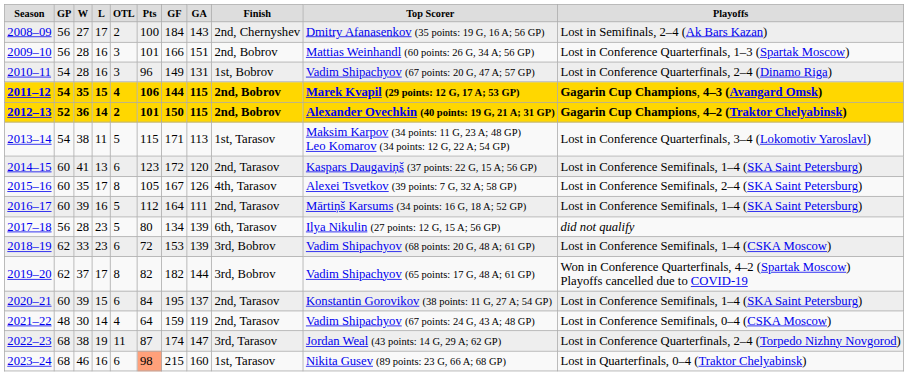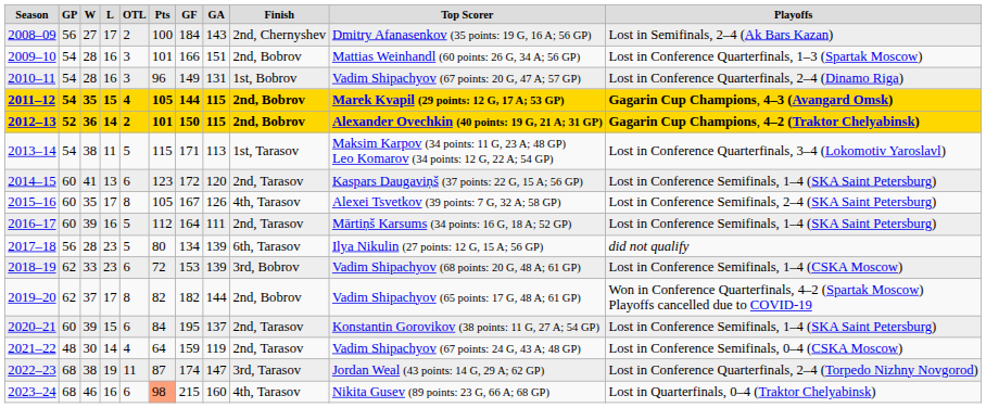 <table class=wikitable>
 <tr style="text-align:center; font-size:small; background:#ddd; padding:5px;"|>
 <td><strong>Season</strong></td>
 <td><strong>GP</strong></td>
 <td><strong>W</strong></td>
 <td><strong>L</strong></td>
 <td><strong>OTL</strong></td>
 <td><strong>Pts</strong></td>
 <td><strong>GF</strong></td>
 <td><strong>GA</strong></td>
 <td><strong>Finish</strong></td>
 <td><strong>Top Scorer</strong></td>
 <td><strong>Playoffs</strong></td>
 </tr>
 <tr style="background:#eee;">
 <td><a href='#'>2008–09</a></td>
 <td>56</td>
 <td>27</td>
 <td>17</td>
 <td>2</td>
 <td>100</td>
 <td>184</td>
 <td>143</td>
 <td>2nd, Chernyshev</td>
 <td><a href='#'>Dmitry Afanasenkov</a> <small>(35 points: 19 G, 16 A; 56 GP)</small></td>
 <td>Lost in Semifinals, 2–4 (<a href='#'>Ak Bars Kazan</a>)</td>
 </tr>
 <tr>
 <td><a href='#'>2009–10</a></td>
-<td>56</td>
+<td>54</td>
 <td>28</td>
 <td>16</td>
 <td>3</td>
 <td>101</td>
 <td>166</td>
 <td>151</td>
 <td>2nd, Bobrov</td>
 <td><a href='#'>Mattias Weinhandl</a> <small>(60 points: 26 G, 34 A; 56 GP)</small></td>
 <td>Lost in Conference Quarterfinals, 1–3 (<a href='#'>Spartak Moscow</a>)</td>
 </tr>
 <tr style="background:#eee;">
 <td><a href='#'>2010–11</a></td>
 <td>54</td>
 <td>28</td>
 <td>16</td>
 <td>3</td>
 <td>96</td>
 <td>149</td>
 <td>131</td>
 <td>1st, Bobrov</td>
 <td><a href='#'>Vadim Shipachyov</a> <small>(67 points: 20 G, 47 A; 57 GP)</small></td>
 <td>Lost in Conference Quarterfinals, 2–4 (<a href='#'>Dinamo Riga</a>)</td>
 </tr>
 <tr style="background:gold;">
 <td><strong><a href='#'>2011–12</a></strong></td>
 <td><strong>54</strong></td>
 <td><strong>35</strong></td>
 <td><strong>15</strong></td>
 <td><strong>4</strong></td>
-<td><strong>106</strong></td>
+<td><strong>105</strong></td>
 <td><strong>144</strong></td>
 <td><strong>115</strong></td>
 <td><strong>2nd, Bobrov</strong></td>
 <td><strong><a href='#'>Marek Kvapil</a></strong> <small><strong>(29 points: 12 G, 17 A; 53 GP)</strong></small></td>
 <td><strong>Gagarin Cup Champions</strong>, <strong>4–3</strong> <strong>(<a href='#'>Avangard Omsk</a>)</strong></td>
 </tr>
 <tr style="background:gold;">
 <td><strong><a href='#'>2012–13</a></strong></td>
 <td><strong>52</strong></td>
 <td><strong>36</strong></td>
 <td><strong>14</strong></td>
 <td><strong>2</strong></td>
 <td><strong>101</strong></td>
 <td><strong>150</strong></td>
 <td><strong>115</strong></td>
 <td><strong>2nd, Bobrov</strong></td>
 <td><strong><a href='#'>Alexander Ovechkin</a></strong> <small><strong>(40 points: 19 G, 21 A; 31 GP)</strong></small></td>
 <td><strong>Gagarin Cup Champions</strong>, <strong>4–2</strong> <strong>(<a href='#'>Traktor Chelyabinsk</a>)</strong></td>
 </tr>
 <tr>
 <td><a href='#'>2013–14</a></td>
 <td>54</td>
 <td>38</td>
 <td>11</td>
 <td>5</td>
 <td>115</td>
 <td>171</td>
 <td>113</td>
 <td>1st, Tarasov</td>
 <td><a href='#'>Maksim Karpov</a> <small>(34 points: 11 G, 23 A; 48 GP)</small><br><a href='#'>Leo Komarov</a> <small>(34 points: 12 G, 22 A; 54 GP)</small></td>
 <td>Lost in Conference Quarterfinals, 3–4 (<a href='#'>Lokomotiv Yaroslavl</a>)</td>
 </tr>
 <tr style="background:#eee;">
 <td><a href='#'>2014–15</a></td>
 <td>60</td>
 <td>41</td>
 <td>13</td>
 <td>6</td>
 <td>123</td>
 <td>172</td>
 <td>120</td>
 <td>2nd, Tarasov</td>
 <td><a href='#'>Kaspars Daugaviņš</a> <small>(37 points: 22 G, 15 A; 56 GP)</small></td>
 <td>Lost in Conference Semifinals, 1–4 (<a href='#'>SKA Saint Petersburg</a>)</td>
 </tr>
 <tr>
 <td><a href='#'>2015–16</a></td>
 <td>60</td>
 <td>35</td>
 <td>17</td>
 <td>8</td>
 <td>105</td>
 <td>167</td>
 <td>126</td>
 <td>4th, Tarasov</td>
 <td><a href='#'>Alexei Tsvetkov</a> <small>(39 points: 7 G, 32 A; 58 GP)</small></td>
 <td>Lost in Conference Semifinals, 2–4 (<a href='#'>SKA Saint Petersburg</a>)</td>
 </tr>
 <tr style="background:#eee;">
 <td><a href='#'>2016–17</a></td>
 <td>60</td>
 <td>39</td>
 <td>16</td>
 <td>5</td>
 <td>112</td>
 <td>164</td>
 <td>111</td>
 <td>2nd, Tarasov</td>
 <td><a href='#'>Mārtiņš Karsums</a> <small>(34 points: 16 G, 18 A; 52 GP)</small></td>
 <td>Lost in Conference Semifinals, 1–4 (<a href='#'>SKA Saint Petersburg</a>)</td>
 </tr>
 <tr>
 <td><a href='#'>2017–18</a></td>
 <td>56</td>
 <td>28</td>
 <td>23</td>
 <td>5</td>
 <td>80</td>
 <td>134</td>
 <td>139</td>
 <td>6th, Tarasov</td>
 <td><a href='#'>Ilya Nikulin</a> <small>(27 points: 12 G, 15 A; 56 GP)</small></td>
 <td><em>did not qualify</em></td>
 </tr>
 <tr style="background:#eee;">
 <td><a href='#'>2018–19</a></td>
 <td>62</td>
 <td>33</td>
 <td>23</td>
 <td>6</td>
 <td>72</td>
 <td>153</td>
 <td>139</td>
 <td>3rd, Bobrov</td>
 <td><a href='#'>Vadim Shipachyov</a> <small>(68 points: 20 G, 48 A; 61 GP)</small></td>
 <td>Lost in Conference Semifinals, 1–4 (<a href='#'>CSKA Moscow</a>)</td>
 </tr>
 <tr>
 <td><a href='#'>2019–20</a></td>
 <td>62</td>
 <td>37</td>
 <td>17</td>
 <td>8</td>
 <td>82</td>
 <td>182</td>
 <td>144</td>
-<td>3rd, Bobrov</td>
+<td>2nd, Bobrov</td>
 <td><a href='#'>Vadim Shipachyov</a> <small>(65 points: 17 G, 48 A; 61 GP)</small></td>
 <td>Won in Conference Quarterfinals, 4–2 (<a href='#'>Spartak Moscow</a>)<br>Playoffs cancelled due to <a href='#'>COVID-19</a></td>
 </tr>
 <tr style="background:#eee;">
 <td><a href='#'>2020–21</a></td>
 <td>60</td>
 <td>39</td>
 <td>15</td>
 <td>6</td>
 <td>84</td>
 <td>195</td>
 <td>137</td>
 <td>2nd, Tarasov</td>
 <td><a href='#'>Konstantin Gorovikov</a> <small>(38 points: 11 G, 27 A; 54 GP)</small></td>
 <td>Lost in Conference Semifinals, 1–4 (<a href='#'>SKA Saint Petersburg</a>)</td>
 </tr>
 <tr>
 <td><a href='#'>2021–22</a></td>
 <td>48</td>
 <td>30</td>
 <td>14</td>
 <td>4</td>
 <td>64</td>
 <td>159</td>
 <td>119</td>
 <td>2nd, Tarasov</td>
 <td><a href='#'>Vadim Shipachyov</a> <small>(67 points: 24 G, 43 A; 48 GP)</small></td>
 <td>Lost in Conference Semifinals, 0–4 (<a href='#'>CSKA Moscow</a>)</td>
 </tr>
 <tr style="background:#eee;">
 <td><a href='#'>2022–23</a></td>
 <td>68</td>
 <td>38</td>
 <td>19</td>
 <td>11</td>
 <td>87</td>
 <td>174</td>
 <td>147</td>
 <td>3rd, Tarasov</td>
 <td><a href='#'>Jordan Weal</a> <small>(43 points: 14 G, 29 A; 62 GP)</small></td>
 <td>Lost in Conference Quarterfinals, 2–4 (<a href='#'>Torpedo Nizhny Novgorod</a>)</td>
 </tr>
 <tr>
 <td><a href='#'>2023–24</a></td>
 <td>68</td>
 <td>46</td>
 <td>16</td>
 <td>6</td>
 <td style="background: lightsalmon;">98</td>
 <td>215</td>
 <td>160</td>
-<td>1st, Tarasov</td>
+<td>4th, Tarasov</td>
 <td><a href='#'>Nikita Gusev</a> <small>(89 points: 23 G, 66 A; 68 GP)</small></td>
 <td>Lost in Quarterfinals, 0–4 (<a href='#'>Traktor Chelyabinsk</a>)</td>
 </tr>
 </table>
